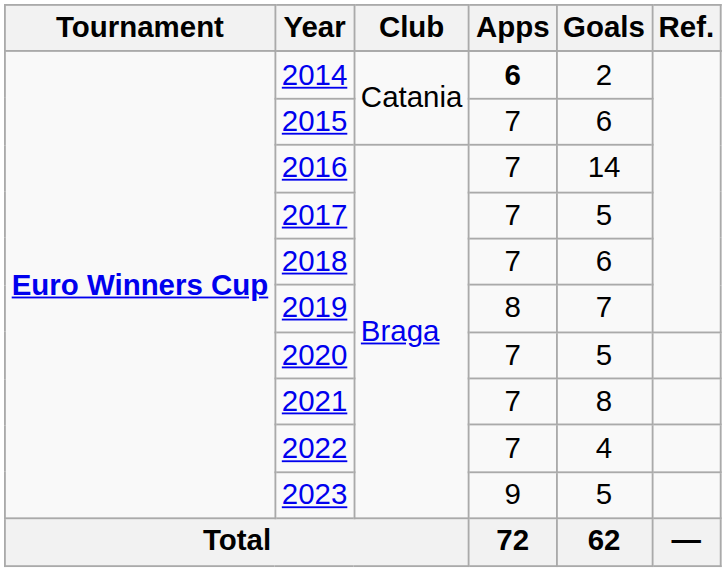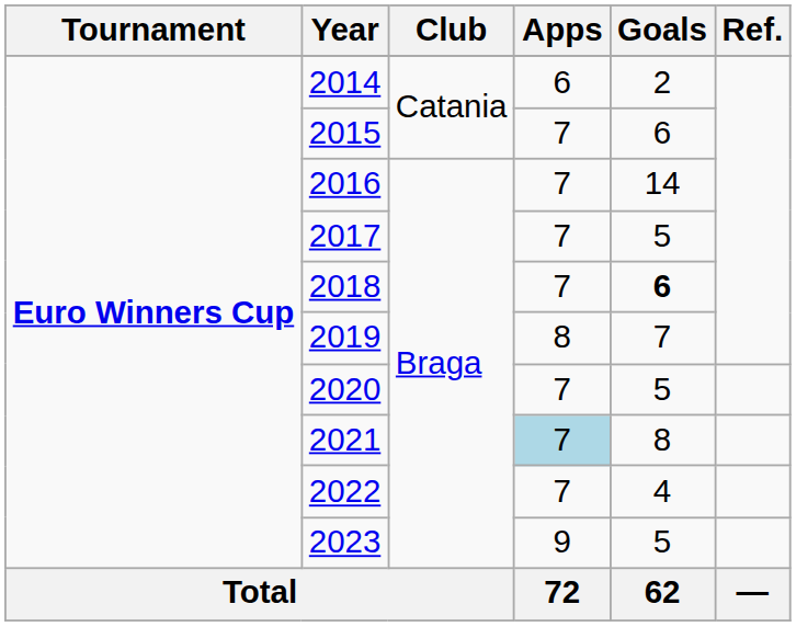 <table class="wikitable" style="text-align:center;">
 <tr>
 <th>Tournament</th>
 <th>Year</th>
 <th>Club</th>
 <th>Apps</th>
 <th>Goals</th>
 <th>Ref.</th>
 </tr>
 <tr>
 <td rowspan="11"><strong><a href='#'>Euro Winners Cup</a></strong></td>
 </tr>
 <tr>
 <td> <a href='#'>2014</a></td>
 <td align=left rowspan=2> Catania</td>
-<td><strong>6</strong></td>
+<td>6</td>
 <td>2</td>
 <td rowspan=6></td>
 </tr>
 <tr>
 <td> <a href='#'>2015</a></td>
 <td>7</td>
 <td>6</td>
 </tr>
 <tr>
 <td> <a href='#'>2016</a></td>
 <td align=left rowspan=8> <a href='#'>Braga</a></td>
 <td>7</td>
 <td>14</td>
 </tr>
 <tr>
 <td> <a href='#'>2017</a></td>
 <td>7</td>
 <td>5</td>
 </tr>
 <tr>
 <td> <a href='#'>2018</a></td>
 <td>7</td>
-<td>6</td>
+<td><strong>6</strong></td>
 </tr>
 <tr>
 <td> <a href='#'>2019</a></td>
 <td>8</td>
 <td>7</td>
 </tr>
 <tr>
 <td> <a href='#'>2020</a></td>
 <td>7</td>
 <td>5</td>
 <td></td>
 </tr>
 <tr>
 <td> <a href='#'>2021</a></td>
-<td>7</td>
+<td style="background: lightblue;">7</td>
 <td>8</td>
 <td></td>
 </tr>
 <tr>
 <td> <a href='#'>2022</a></td>
 <td>7</td>
 <td>4</td>
 <td></td>
 </tr>
 <tr>
 <td> <a href='#'>2023</a></td>
 <td>9</td>
 <td>5</td>
 <td></td>
 </tr>
 <tr>
 <th colspan=3>Total</th>
 <th>72</th>
 <th>62</th>
 <th>—</th>
 </tr>
 </table>
